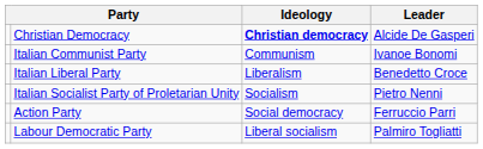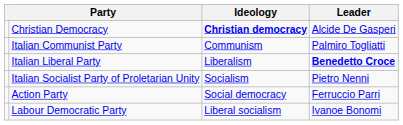 <table class=wikitable style="font-size:100%">
 <tr>
 <th colspan=2>Party</th>
 <th>Ideology</th>
 <th>Leader</th>
 </tr>
 <tr>
 <td style="color:inherit;background:"></td>
 <td><a href='#'>Christian Democracy</a></td>
 <td><strong><a href='#'>Christian democracy</a></strong></td>
 <td><a href='#'>Alcide De Gasperi</a></td>
 </tr>
 <tr>
 <td style="color:inherit;background:"></td>
 <td><a href='#'>Italian Communist Party</a></td>
 <td><a href='#'>Communism</a></td>
-<td><a href='#'>Ivanoe Bonomi</a></td>
+<td><a href='#'>Palmiro Togliatti</a></td>
 </tr>
 <tr>
 <td style="color:inherit;background:"></td>
 <td><a href='#'>Italian Liberal Party</a></td>
 <td><a href='#'>Liberalism</a></td>
-<td><a href='#'>Benedetto Croce</a></td>
+<td><strong><a href='#'>Benedetto Croce</a></strong></td>
 </tr>
 <tr>
 <td style="color:inherit;background:"></td>
 <td><a href='#'>Italian Socialist Party of Proletarian Unity</a></td>
 <td><a href='#'>Socialism</a></td>
 <td><a href='#'>Pietro Nenni</a></td>
 </tr>
 <tr>
 <td style="color:inherit;background:"></td>
 <td><a href='#'>Action Party</a></td>
 <td><a href='#'>Social democracy</a></td>
 <td><a href='#'>Ferruccio Parri</a></td>
 </tr>
 <tr>
 <td style="color:inherit;background:"></td>
 <td><a href='#'>Labour Democratic Party</a></td>
 <td><a href='#'>Liberal socialism</a></td>
-<td><a href='#'>Palmiro Togliatti</a></td>
+<td><a href='#'>Ivanoe Bonomi</a></td>
 </tr>
 </table>
